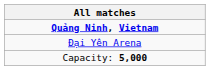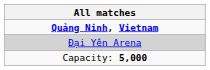 <table class="wikitable" style="text-align:center" width=280>
 <tr>
 <th>All matches</th>
 </tr>
 <tr>
 <td> <strong><a href='#'>Quảng Ninh</a>, <a href='#'>Vietnam</a></strong></td>
 </tr>
 <tr>
-<td><a href='#'>Đại Yên Arena</a></td>
+<td style="background: lightgrey;"><a href='#'>Đại Yên Arena</a></td>
 </tr>
 <tr>
 <td>Capacity: <strong>5,000</strong></td>
 </tr>
 </table>
